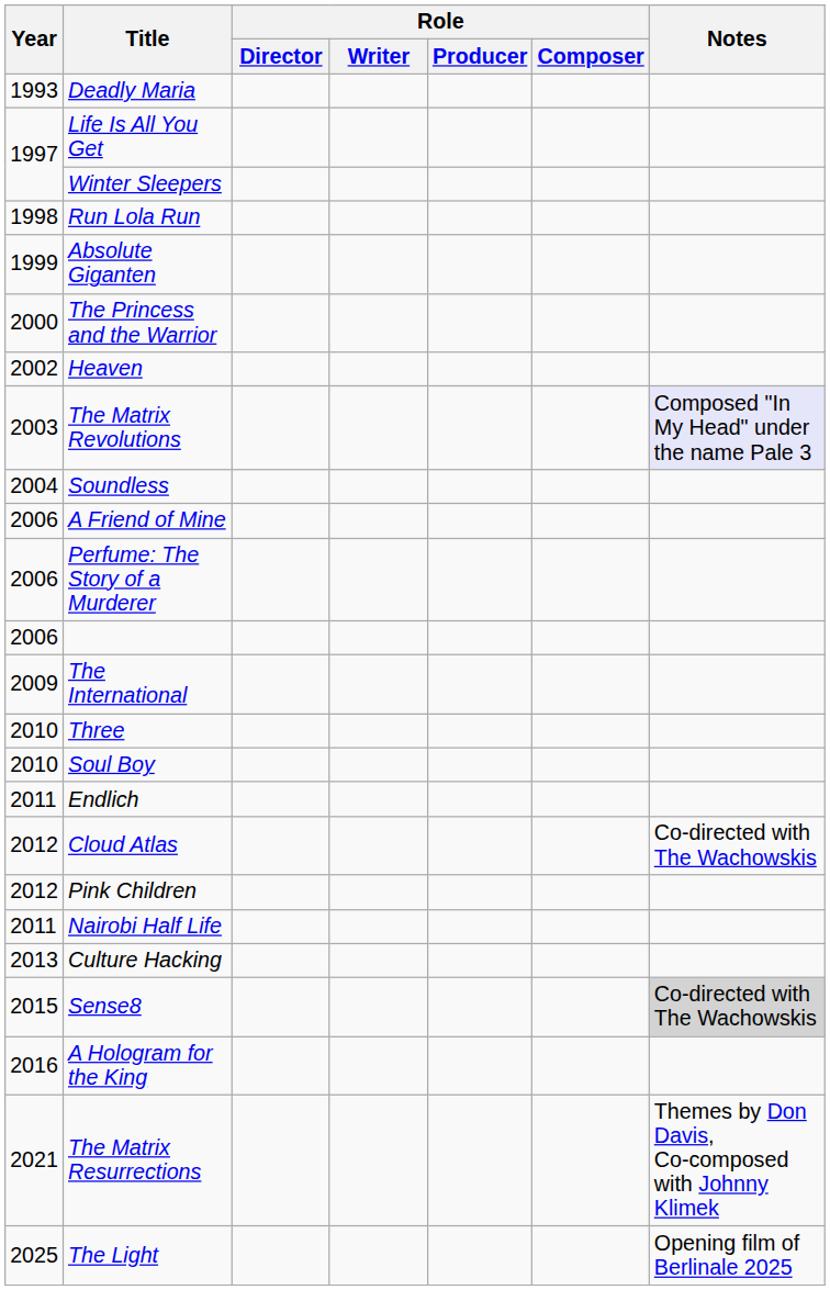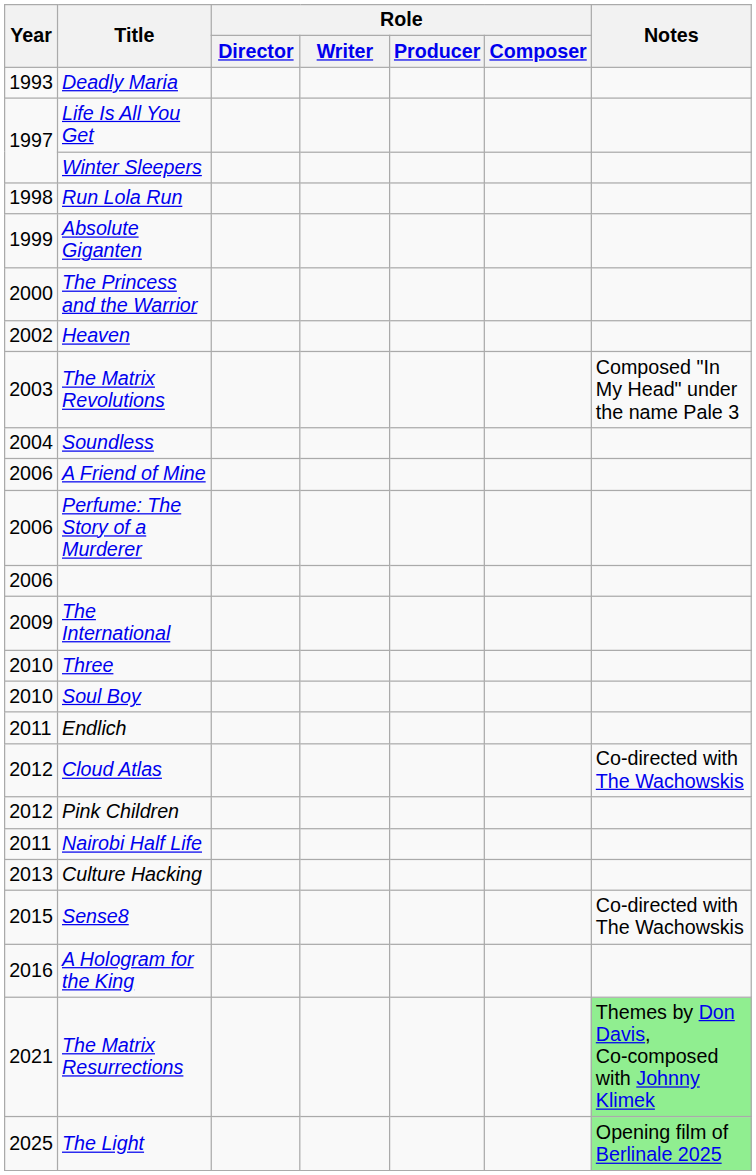 <table class="wikitable">
 <tr>
 <th rowspan="2">Year</th>
 <th rowspan="2">Title</th>
 <th colspan="4">Role</th>
 <th rowspan="2">Notes</th>
 </tr>
 <tr>
 <th width="65"><a href='#'>Director</a></th>
 <th width="65"><a href='#'>Writer</a></th>
 <th width="65"><a href='#'>Producer</a></th>
 <th width="65"><a href='#'>Composer</a></th>
 </tr>
 <tr>
 <td>1993</td>
 <td><em><a href='#'>Deadly Maria</a></em></td>
 <td></td>
 <td></td>
 <td></td>
 <td></td>
 <td></td>
 </tr>
 <tr>
 <td rowspan=2>1997</td>
 <td><em><a href='#'>Life Is All You Get</a></em></td>
 <td></td>
 <td></td>
 <td></td>
 <td></td>
 <td></td>
 </tr>
 <tr>
 <td><em><a href='#'>Winter Sleepers</a></em></td>
 <td></td>
 <td></td>
 <td></td>
 <td></td>
 <td></td>
 </tr>
 <tr>
 <td>1998</td>
 <td><em><a href='#'>Run Lola Run</a></em></td>
 <td></td>
 <td></td>
 <td></td>
 <td></td>
 <td></td>
 </tr>
 <tr>
 <td>1999</td>
 <td><em><a href='#'>Absolute Giganten</a></em></td>
 <td></td>
 <td></td>
 <td></td>
 <td></td>
 <td></td>
 </tr>
 <tr>
 <td>2000</td>
 <td><em><a href='#'>The Princess and the Warrior</a></em></td>
 <td></td>
 <td></td>
 <td></td>
 <td></td>
 <td></td>
 </tr>
 <tr>
 <td>2002</td>
 <td><em><a href='#'>Heaven</a></em></td>
 <td></td>
 <td></td>
 <td></td>
 <td></td>
 <td></td>
 </tr>
 <tr>
 <td>2003</td>
 <td><em><a href='#'>The Matrix Revolutions</a></em></td>
 <td></td>
 <td></td>
 <td></td>
 <td></td>
-<td style="background: lavender;">Composed "In My Head" under the name Pale 3</td>
+<td>Composed "In My Head" under the name Pale 3</td>
 </tr>
 <tr>
 <td>2004</td>
 <td><em><a href='#'>Soundless</a></em></td>
 <td></td>
 <td></td>
 <td></td>
 <td></td>
 <td></td>
 </tr>
 <tr>
 <td>2006</td>
 <td><em><a href='#'>A Friend of Mine</a></em></td>
 <td></td>
 <td></td>
 <td></td>
 <td></td>
 <td></td>
 </tr>
 <tr>
 <td>2006</td>
 <td><em><a href='#'>Perfume: The Story of a Murderer</a></em></td>
 <td></td>
 <td></td>
 <td></td>
 <td></td>
 <td></td>
 </tr>
 <tr>
 <td>2006</td>
 <td><em></em></td>
 <td></td>
 <td></td>
 <td></td>
 <td></td>
 <td></td>
 </tr>
 <tr>
 <td>2009</td>
 <td><em><a href='#'>The International</a></em></td>
 <td></td>
 <td></td>
 <td></td>
 <td></td>
 <td></td>
 </tr>
 <tr>
 <td>2010</td>
 <td><em><a href='#'>Three</a></em></td>
 <td></td>
 <td></td>
 <td></td>
 <td></td>
 <td></td>
 </tr>
 <tr>
 <td>2010</td>
 <td><em><a href='#'>Soul Boy</a></em></td>
 <td></td>
 <td></td>
 <td></td>
 <td></td>
 <td></td>
 </tr>
 <tr>
 <td>2011</td>
 <td><em>Endlich</em></td>
 <td></td>
 <td></td>
 <td></td>
 <td></td>
 <td></td>
 </tr>
 <tr>
 <td>2012</td>
 <td><em><a href='#'>Cloud Atlas</a></em></td>
 <td></td>
 <td></td>
 <td></td>
 <td></td>
 <td>Co-directed with <a href='#'>The Wachowskis</a></td>
 </tr>
 <tr>
 <td>2012</td>
 <td><em>Pink Children</em></td>
 <td></td>
 <td></td>
 <td></td>
 <td></td>
 <td></td>
 </tr>
 <tr>
 <td>2011</td>
 <td><em><a href='#'>Nairobi Half Life</a></em></td>
 <td></td>
 <td></td>
 <td></td>
 <td></td>
 <td></td>
 </tr>
 <tr>
 <td>2013</td>
 <td><em>Culture Hacking</em></td>
 <td></td>
 <td></td>
 <td></td>
 <td></td>
 <td></td>
 </tr>
 <tr>
 <td>2015</td>
 <td><em><a href='#'>Sense8</a></em></td>
 <td></td>
 <td></td>
 <td></td>
 <td></td>
-<td style="background: lightgrey;">Co-directed with The Wachowskis</td>
+<td>Co-directed with The Wachowskis</td>
 </tr>
 <tr>
 <td>2016</td>
 <td><em><a href='#'>A Hologram for the King</a></em></td>
 <td></td>
 <td></td>
 <td></td>
 <td></td>
 <td></td>
 </tr>
 <tr>
 <td>2021</td>
 <td><em><a href='#'>The Matrix Resurrections</a></em></td>
 <td></td>
 <td></td>
 <td></td>
 <td></td>
-<td>Themes by <a href='#'>Don Davis</a>,<br>Co-composed with <a href='#'>Johnny Klimek</a></td>
+<td style="background: lightgreen;">Themes by <a href='#'>Don Davis</a>,<br>Co-composed with <a href='#'>Johnny Klimek</a></td>
 </tr>
 <tr>
 <td>2025</td>
 <td><em><a href='#'>The Light</a></em></td>
 <td></td>
 <td></td>
 <td></td>
 <td></td>
-<td>Opening film of <a href='#'>Berlinale 2025</a></td>
+<td style="background: lightgreen;">Opening film of <a href='#'>Berlinale 2025</a></td>
 </tr>
 <tr>
 </tr>
 </table>
